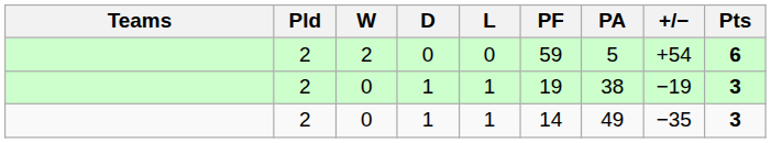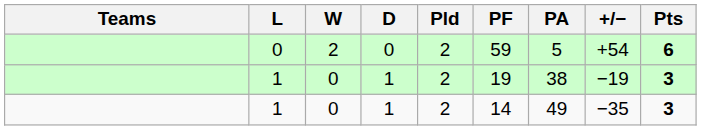 <table class="wikitable" style="text-align: center;">
 <tr>
 <th width="200">Teams</th>
-<th width="40">Pld</th>
+<th width="40">L</th>
 <th width="40">W</th>
 <th width="40">D</th>
-<th width="40">L</th>
+<th width="40">Pld</th>
 <th width="40">PF</th>
 <th width="40">PA</th>
 <th width="40">+/−</th>
 <th width="40">Pts</th>
 </tr>
 <tr bgcolor=ccffcc>
 <td align=left></td>
-<td>2</td>
+<td>0</td>
 <td>2</td>
 <td>0</td>
-<td>0</td>
+<td>2</td>
 <td>59</td>
 <td>5</td>
 <td>+54</td>
 <td><strong>6</strong></td>
 </tr>
 <tr bgcolor=ccffcc>
 <td align=left></td>
-<td>2</td>
+<td>1</td>
 <td>0</td>
 <td>1</td>
-<td>1</td>
+<td>2</td>
 <td>19</td>
 <td>38</td>
 <td>−19</td>
 <td><strong>3</strong></td>
 </tr>
 <tr bgcolor=>
 <td align=left></td>
-<td>2</td>
+<td>1</td>
 <td>0</td>
 <td>1</td>
-<td>1</td>
+<td>2</td>
 <td>14</td>
 <td>49</td>
 <td>−35</td>
 <td><strong>3</strong></td>
 </tr>
 </table>
